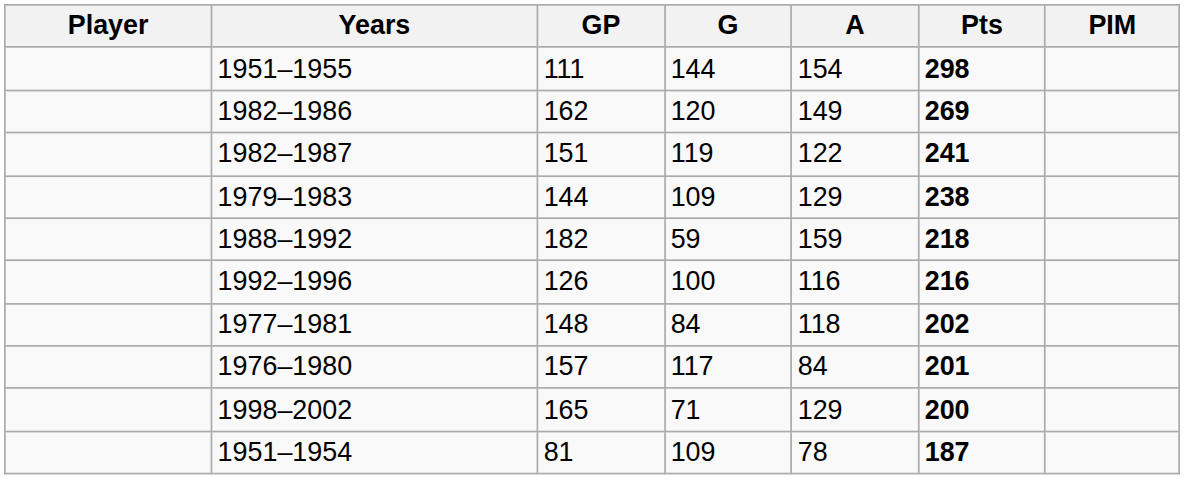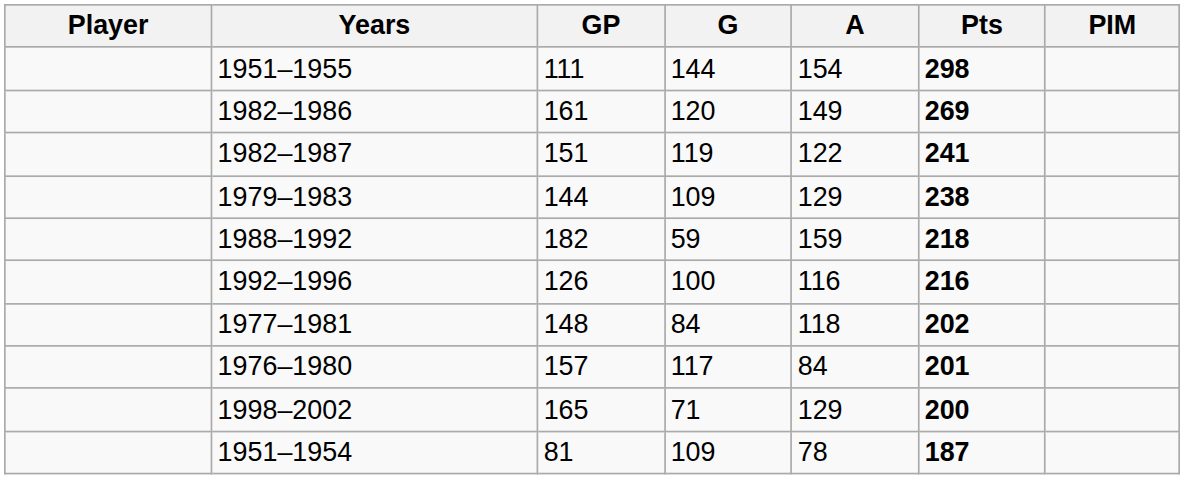 <table class="wikitable sortable" width ="700" cellpadding="1" border="1" cellspacing="0">
 <tr>
 <th>Player</th>
 <th>Years</th>
 <th>GP</th>
 <th>G</th>
 <th>A</th>
 <th>Pts</th>
 <th>PIM</th>
 </tr>
 <tr>
 <td></td>
 <td>1951–1955</td>
 <td>111</td>
 <td>144</td>
 <td>154</td>
 <td><strong>298</strong></td>
 <td></td>
 </tr>
 <tr>
 <td></td>
 <td>1982–1986</td>
-<td>162</td>
+<td>161</td>
 <td>120</td>
 <td>149</td>
 <td><strong>269</strong></td>
 <td></td>
 </tr>
 <tr>
 <td></td>
 <td>1982–1987</td>
 <td>151</td>
 <td>119</td>
 <td>122</td>
 <td><strong>241</strong></td>
 <td></td>
 </tr>
 <tr>
 <td></td>
 <td>1979–1983</td>
 <td>144</td>
 <td>109</td>
 <td>129</td>
 <td><strong>238</strong></td>
 <td></td>
 </tr>
 <tr>
 <td></td>
 <td>1988–1992</td>
 <td>182</td>
 <td>59</td>
 <td>159</td>
 <td><strong>218</strong></td>
 <td></td>
 </tr>
 <tr>
 <td></td>
 <td>1992–1996</td>
 <td>126</td>
 <td>100</td>
 <td>116</td>
 <td><strong>216</strong></td>
 <td></td>
 </tr>
 <tr>
 <td></td>
 <td>1977–1981</td>
 <td>148</td>
 <td>84</td>
 <td>118</td>
 <td><strong>202</strong></td>
 <td></td>
 </tr>
 <tr>
 <td></td>
 <td>1976–1980</td>
 <td>157</td>
 <td>117</td>
 <td>84</td>
 <td><strong>201</strong></td>
 <td></td>
 </tr>
 <tr>
 <td></td>
 <td>1998–2002</td>
 <td>165</td>
 <td>71</td>
 <td>129</td>
 <td><strong>200</strong></td>
 <td></td>
 </tr>
 <tr>
 <td></td>
 <td>1951–1954</td>
 <td>81</td>
 <td>109</td>
 <td>78</td>
 <td><strong>187</strong></td>
 <td></td>
 </tr>
 </table>
